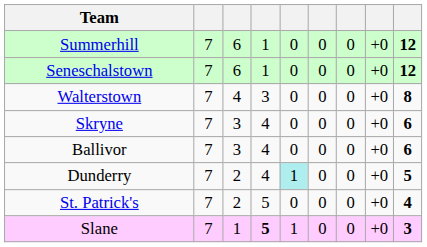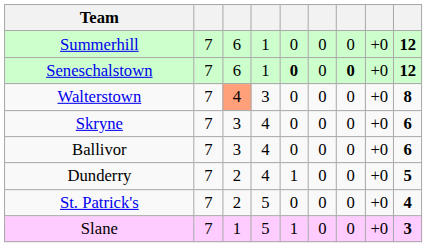 <table class="wikitable" style="text-align:center">
 <tr>
 <th style="width:175px;">Team</th>
 <th width="20"></th>
 <th width="20"></th>
 <th width="20"></th>
 <th width="20"></th>
 <th width="20"></th>
 <th width="20"></th>
 <th width="20"></th>
 <th width="20"></th>
 </tr>
 <tr style="background:#cfc;">
 <td><a href='#'>Summerhill</a></td>
 <td>7</td>
 <td>6</td>
 <td>1</td>
 <td>0</td>
 <td>0</td>
 <td>0</td>
 <td>+0</td>
 <td><strong>12</strong></td>
 </tr>
 <tr style="background:#cfc;">
 <td><a href='#'>Seneschalstown</a></td>
 <td>7</td>
 <td>6</td>
 <td>1</td>
+<td><strong>0</strong></td>
 <td>0</td>
-<td>0</td>
-<td>0</td>
+<td><strong>0</strong></td>
 <td>+0</td>
 <td><strong>12</strong></td>
 </tr>
 <tr>
 <td><a href='#'>Walterstown</a></td>
 <td>7</td>
-<td>4</td>
+<td style="background: lightsalmon;">4</td>
 <td>3</td>
 <td>0</td>
 <td>0</td>
 <td>0</td>
 <td>+0</td>
 <td><strong>8</strong></td>
 </tr>
 <tr>
 <td><a href='#'>Skryne</a></td>
 <td>7</td>
 <td>3</td>
 <td>4</td>
 <td>0</td>
 <td>0</td>
 <td>0</td>
 <td>+0</td>
 <td><strong>6</strong></td>
 </tr>
 <tr>
 <td>Ballivor</td>
 <td>7</td>
 <td>3</td>
 <td>4</td>
 <td>0</td>
 <td>0</td>
 <td>0</td>
 <td>+0</td>
 <td><strong>6</strong></td>
 </tr>
 <tr>
 <td>Dunderry</td>
 <td>7</td>
 <td>2</td>
 <td>4</td>
-<td style="background: paleturquoise;">1</td>
+<td>1</td>
 <td>0</td>
 <td>0</td>
 <td>+0</td>
 <td><strong>5</strong></td>
 </tr>
 <tr>
 <td><a href='#'>St. Patrick's</a></td>
 <td>7</td>
 <td>2</td>
 <td>5</td>
 <td>0</td>
 <td>0</td>
 <td>0</td>
 <td>+0</td>
 <td><strong>4</strong></td>
 </tr>
 <tr style="background:#fcf;">
 <td>Slane</td>
 <td>7</td>
 <td>1</td>
-<td><strong>5</strong></td>
+<td>5</td>
 <td>1</td>
 <td>0</td>
 <td>0</td>
 <td>+0</td>
 <td><strong>3</strong></td>
 </tr>
 </table>
